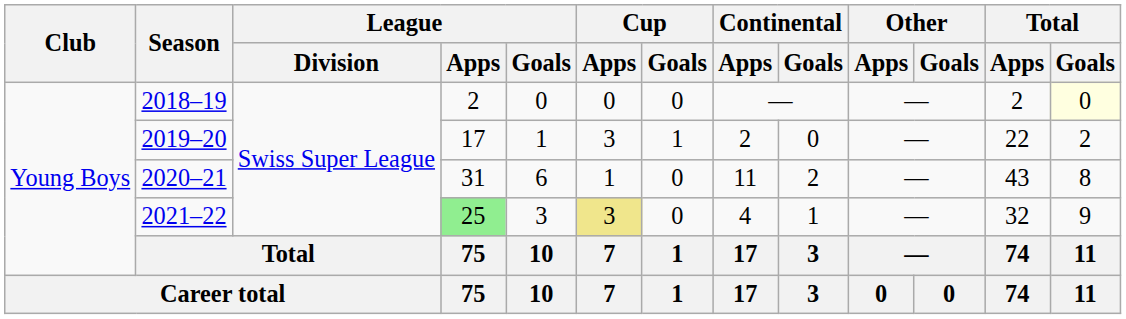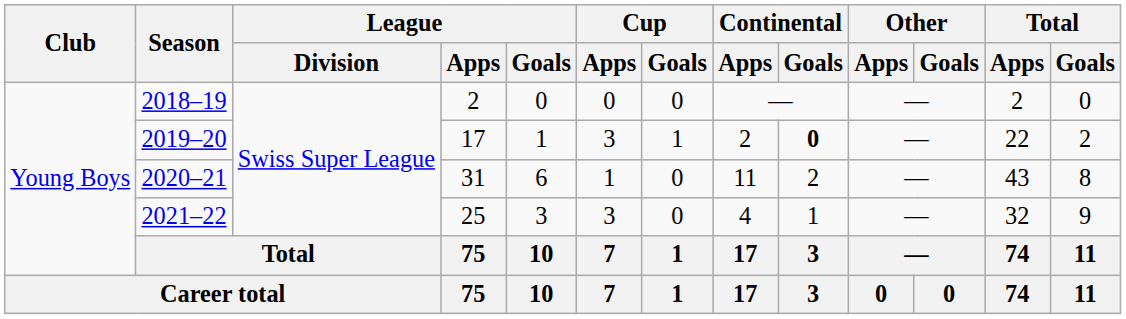 <table class="wikitable" style="text-align:center">
 <tr>
 <th rowspan="2">Club</th>
 <th rowspan="2">Season</th>
 <th colspan="3">League</th>
 <th colspan="2">Cup</th>
 <th colspan="2">Continental</th>
 <th colspan="2">Other</th>
 <th colspan="2">Total</th>
 </tr>
 <tr>
 <th>Division</th>
 <th>Apps</th>
 <th>Goals</th>
 <th>Apps</th>
 <th>Goals</th>
 <th>Apps</th>
 <th>Goals</th>
 <th>Apps</th>
 <th>Goals</th>
 <th>Apps</th>
 <th>Goals</th>
 </tr>
 <tr>
 <td rowspan="5"><a href='#'>Young Boys</a></td>
 <td><a href='#'>2018–19</a></td>
 <td rowspan="4"><a href='#'>Swiss Super League</a></td>
 <td>2</td>
 <td>0</td>
 <td>0</td>
 <td>0</td>
 <td colspan="2">—</td>
 <td colspan="2">—</td>
 <td>2</td>
-<td style="background: lightyellow;">0</td>
+<td>0</td>
 </tr>
 <tr>
 <td><a href='#'>2019–20</a></td>
 <td>17</td>
 <td>1</td>
 <td>3</td>
 <td>1</td>
 <td>2</td>
-<td>0</td>
+<td><strong>0</strong></td>
 <td colspan="2">—</td>
 <td>22</td>
 <td>2</td>
 </tr>
 <tr>
 <td><a href='#'>2020–21</a></td>
 <td>31</td>
 <td>6</td>
 <td>1</td>
 <td>0</td>
 <td>11</td>
 <td>2</td>
 <td colspan="2">—</td>
 <td>43</td>
 <td>8</td>
 </tr>
 <tr>
 <td><a href='#'>2021–22</a></td>
-<td style="background: lightgreen;">25</td>
+<td>25</td>
 <td>3</td>
-<td style="background: khaki;">3</td>
+<td>3</td>
 <td>0</td>
 <td>4</td>
 <td>1</td>
 <td colspan="2">—</td>
 <td>32</td>
 <td>9</td>
 </tr>
 <tr>
 <th colspan="2">Total</th>
 <th>75</th>
 <th>10</th>
 <th>7</th>
 <th>1</th>
 <th>17</th>
 <th>3</th>
 <th colspan="2">—</th>
 <th>74</th>
 <th>11</th>
 </tr>
 <tr>
 <th colspan="3">Career total</th>
 <th>75</th>
 <th>10</th>
 <th>7</th>
 <th>1</th>
 <th>17</th>
 <th>3</th>
 <th>0</th>
 <th>0</th>
 <th>74</th>
 <th>11</th>
 </tr>
 </table>
